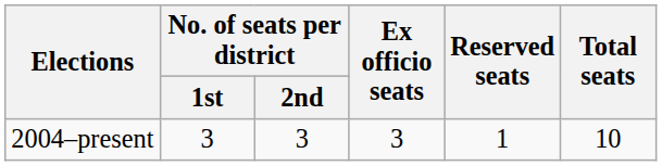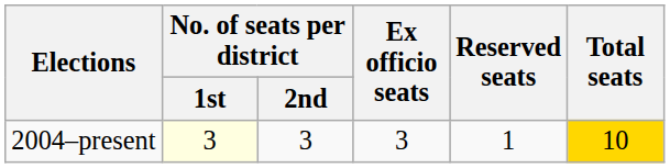 <table class=wikitable style="text-align:center">
 <tr>
 <th rowspan=2>Elections</th>
 <th colspan=2>No. of seats per district</th>
 <th width=50px rowspan=2>Ex officio seats</th>
 <th width=50px rowspan=2>Reserved seats</th>
 <th width=50px rowspan=2>Total seats</th>
 </tr>
 <tr>
 <th width=50px>1st</th>
 <th width=50px>2nd</th>
 </tr>
 <tr>
 <td>2004–present</td>
-<td>3</td>
+<td style="background: lightyellow;">3</td>
 <td>3</td>
 <td>3</td>
 <td>1</td>
-<td>10</td>
+<td style="background: gold;">10</td>
 </tr>
 </table>
